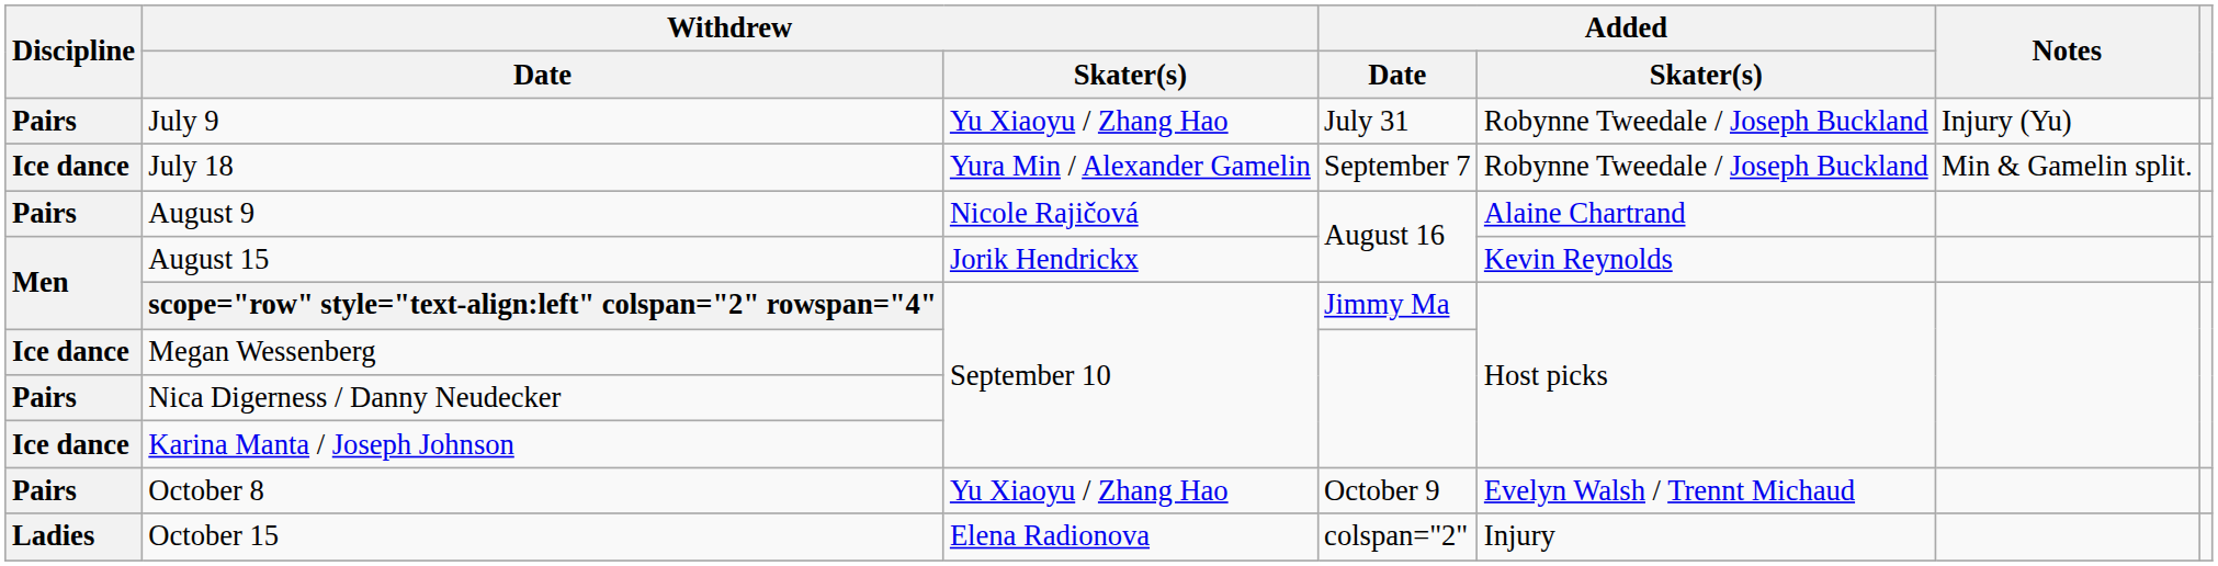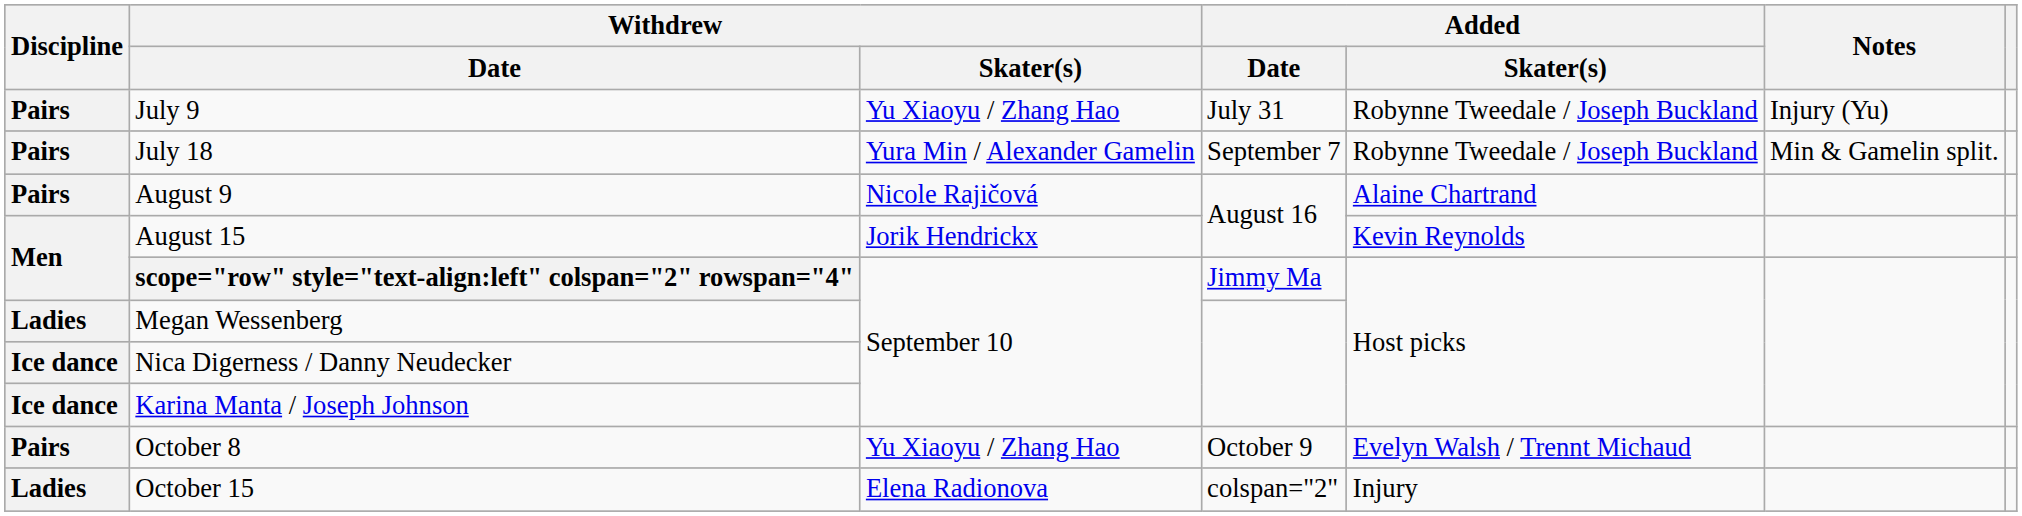 <table class="wikitable unsortable">
 <tr>
 <th scope="col" rowspan=2>Discipline</th>
 <th scope="col" colspan=2>Withdrew</th>
 <th scope="col" colspan=2>Added</th>
 <th scope="col" rowspan=2>Notes</th>
 <th scope="col" rowspan=2></th>
 </tr>
 <tr>
 <th>Date</th>
 <th>Skater(s)</th>
 <th>Date</th>
 <th>Skater(s)</th>
 </tr>
 <tr>
 <th scope="row" style="text-align:left">Pairs</th>
 <td>July 9</td>
 <td> <a href='#'>Yu Xiaoyu</a> / <a href='#'>Zhang Hao</a></td>
 <td>July 31</td>
 <td> Robynne Tweedale / <a href='#'>Joseph Buckland</a></td>
 <td>Injury (Yu)</td>
 <td></td>
 </tr>
 <tr>
-<th scope="row" style="text-align:left">Ice dance</th>
+<th scope="row" style="text-align:left">Pairs</th>
 <td>July 18</td>
 <td> <a href='#'>Yura Min</a> / <a href='#'>Alexander Gamelin</a></td>
 <td>September 7</td>
 <td> Robynne Tweedale / <a href='#'>Joseph Buckland</a></td>
 <td>Min & Gamelin split.</td>
 <td></td>
 </tr>
 <tr>
 <th scope="row" style="text-align:left">Pairs</th>
 <td>August 9</td>
 <td> <a href='#'>Nicole Rajičová</a></td>
 <td rowspan="2">August 16</td>
 <td> <a href='#'>Alaine Chartrand</a></td>
 <td></td>
 <td></td>
 </tr>
 <tr>
 <th scope="row" style="text-align:left" rowspan="2">Men</th>
 <td>August 15</td>
 <td> <a href='#'>Jorik Hendrickx</a></td>
 <td> <a href='#'>Kevin Reynolds</a></td>
 <td></td>
 <td></td>
 </tr>
 <tr>
 <th>scope="row" style="text-align:left" colspan="2" rowspan="4" </th>
 <td rowspan="4">September 10</td>
 <td> <a href='#'>Jimmy Ma</a></td>
 <td rowspan="4">Host picks</td>
 <td rowspan="4"></td>
 </tr>
 <tr>
-<th scope="row" style="text-align:left">Ice dance</th>
+<th scope="row" style="text-align:left">Ladies</th>
 <td> Megan Wessenberg</td>
 </tr>
 <tr>
-<th scope="row" style="text-align:left">Pairs</th>
+<th scope="row" style="text-align:left">Ice dance</th>
 <td> Nica Digerness / Danny Neudecker</td>
 </tr>
 <tr>
 <th scope="row" style="text-align:left">Ice dance</th>
 <td> <a href='#'>Karina Manta</a> / <a href='#'>Joseph Johnson</a></td>
 </tr>
 <tr>
 <th scope="row" style="text-align:left">Pairs</th>
 <td>October 8</td>
 <td> <a href='#'>Yu Xiaoyu</a> / <a href='#'>Zhang Hao</a></td>
 <td>October 9</td>
 <td> <a href='#'>Evelyn Walsh</a> / <a href='#'>Trennt Michaud</a></td>
 <td></td>
 <td></td>
 </tr>
 <tr>
 <th scope="row" style="text-align:left">Ladies</th>
 <td>October 15</td>
 <td> <a href='#'>Elena Radionova</a></td>
 <td>colspan="2" </td>
 <td>Injury</td>
 <td></td>
 </tr>
 </table>
